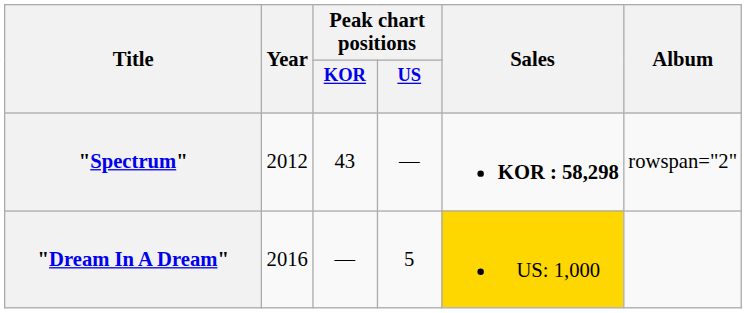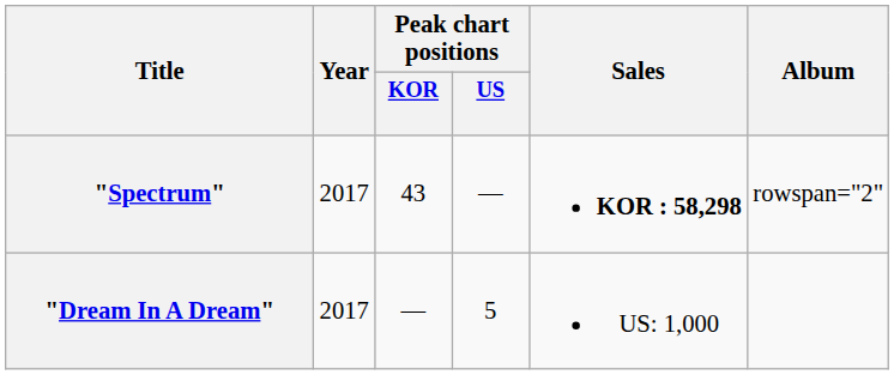 <table class="wikitable plainrowheaders" style="text-align:center;">
 <tr>
 <th scope="col" rowspan="2" style="width:12em;">Title</th>
 <th scope="col" rowspan="2">Year</th>
 <th scope="col" colspan="2">Peak chart positions</th>
 <th scope="col" rowspan="2">Sales</th>
 <th scope="col" rowspan="2">Album</th>
 </tr>
 <tr>
 <th scope="col" style="width:3em;font-size:90%;"><a href='#'>KOR<br></a><br></th>
 <th scope="col" style="width:3em;font-size:90%;"><a href='#'>US<br></a><br></th>
 </tr>
 <tr>
 <th scope="row">"<a href='#'>Spectrum</a>"<br></th>
-<td>2012</td>
+<td>2017</td>
 <td>43</td>
 <td>—</td>
 <td><strong><br><ul><li>KOR : 58,298</li></ul></strong></td>
 <td>rowspan="2" </td>
 </tr>
 <tr>
 <th scope="row">"<a href='#'>Dream In A Dream</a>"<br></th>
-<td>2016</td>
+<td>2017</td>
 <td>—</td>
 <td>5</td>
-<td style="background: gold;"><br><ul><li>US: 1,000</li></ul></td>
+<td><br><ul><li>US: 1,000</li></ul></td>
 </tr>
 </table>
